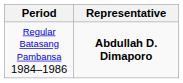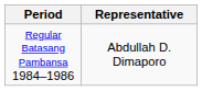 <table class="wikitable" style="text-align:center; width:40%;">
 <tr>
 <th width="40%">Period</th>
 <th>Representative</th>
 </tr>
 <tr>
 <td><small><a href='#'>Regular Batasang Pambansa</a></small><br>1984–1986</td>
-<td><strong>Abdullah D. Dimaporo</strong></td>
+<td>Abdullah D. Dimaporo</td>
 </tr>
 </table>
